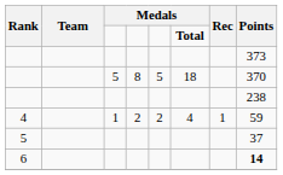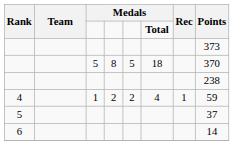 <table class="wikitable">
 <tr>
 <th rowspan=2>Rank</th>
 <th style="width:70px;" rowspan="2">Team</th>
 <th colspan=4>Medals</th>
 <th rowspan=2>Rec</th>
 <th rowspan=2>Points</th>
 </tr>
 <tr style="text-align:center;">
 <td style="width:20px; "></td>
 <td style="width:20px; "></td>
 <td style="width:20px; "></td>
 <td style="width:40px; "><strong>Total</strong></td>
 </tr>
 <tr>
 <td align=center></td>
 <td></td>
 <td align=center></td>
 <td align=center></td>
 <td align=center></td>
 <td align=center></td>
 <td align=center></td>
 <td align=center>373</td>
 </tr>
 <tr>
 <td align=center></td>
 <td></td>
 <td align=center>5</td>
 <td align=center>8</td>
 <td align=center>5</td>
 <td align=center>18</td>
 <td align=center></td>
 <td align=center>370</td>
 </tr>
 <tr>
 <td align=center></td>
 <td><strong></strong></td>
 <td align=center></td>
 <td align=center></td>
 <td align=center></td>
 <td align=center></td>
 <td align=center></td>
 <td align=center>238</td>
 </tr>
 <tr>
 <td align=center>4</td>
 <td></td>
 <td align=center>1</td>
 <td align=center>2</td>
 <td align=center>2</td>
 <td align=center>4</td>
 <td align=center>1</td>
 <td align=center>59</td>
 </tr>
 <tr>
 <td align=center>5</td>
 <td></td>
 <td align=center></td>
 <td align=center></td>
 <td align=center></td>
 <td align=center></td>
 <td align=center></td>
 <td align=center>37</td>
 </tr>
 <tr>
 <td align=center>6</td>
 <td></td>
 <td align=center></td>
 <td align=center></td>
 <td align=center></td>
 <td align=center></td>
 <td align=center></td>
-<td align=center><strong>14</strong></td>
+<td align=center>14</td>
 </tr>
 <tr>
 </tr>
 </table>
